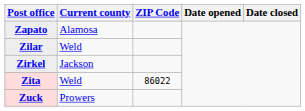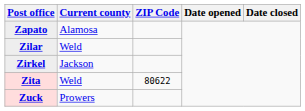 <table class="wikitable sortable  plainrowheaders" style="margin:auto;">
 <tr>
 <th scope=col><a href='#'>Post office</a></th>
 <th scope=col><a href='#'>Current county</a></th>
 <th scope=col><a href='#'>ZIP Code</a></th>
 <th scope=col>Date opened</th>
 <th scope=col>Date closed</th>
 </tr>
 <tr>
 <th scope=row rowspan=3 style="background-color:#EEEEEE;"><a href='#'>Zapato</a></th>
 <td rowspan=3><a href='#'>Alamosa</a></td>
 <td rowspan=3 align=center style="font-family:monospace;"><br> </td>
 </tr>
 <tr>
 </tr>
 <tr>
 </tr>
 <tr>
 <th scope=row rowspan=1 style="background-color:#EEEEEE;"><a href='#'>Zilar</a></th>
 <td rowspan=1><a href='#'>Weld</a></td>
 <td rowspan=1 align=center style="font-family:monospace;"><br> </td>
 </tr>
 <tr>
 <th scope=row rowspan=1 style="background-color:#EEEEEE;"><a href='#'>Zirkel</a></th>
 <td rowspan=1><a href='#'>Jackson</a></td>
 <td rowspan=1 align=center style="font-family:monospace;"><br> </td>
 </tr>
 <tr>
 <th scope=row rowspan=1 style="background-color:#FFDDDD;"><a href='#'>Zita</a></th>
 <td rowspan=1><a href='#'>Weld</a></td>
-<td rowspan=1 align=center style="font-family:monospace;">86022<br> </td>
+<td rowspan=1 align=center style="font-family:monospace;">80622<br> </td>
 </tr>
 <tr>
 <th scope=row rowspan=1 style="background-color:#FFDDDD;"><a href='#'>Zuck</a></th>
 <td rowspan=1><a href='#'>Prowers</a></td>
 <td rowspan=1 align=center style="font-family:monospace;"><br> </td>
 </tr>
 </table>
